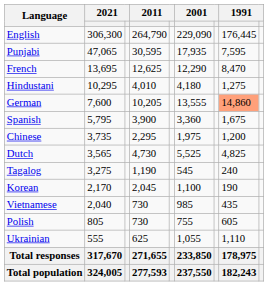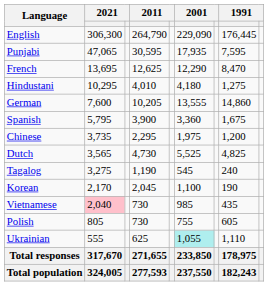 <table class="wikitable collapsible sortable">
 <tr>
 <th rowspan="2">Language</th>
 <th colspan="2">2021</th>
 <th colspan="2">2011</th>
 <th colspan="2">2001</th>
 <th colspan="2">1991</th>
 </tr>
 <tr>
 <th><a href='#'></a></th>
 <th></th>
 <th></th>
 <th></th>
 <th></th>
 <th></th>
 <th></th>
 <th></th>
 </tr>
 <tr>
 <td><a href='#'>English</a></td>
 <td>306,300</td>
 <td></td>
 <td>264,790</td>
 <td></td>
 <td>229,090</td>
 <td></td>
 <td>176,445</td>
 <td></td>
 </tr>
 <tr>
 <td><a href='#'>Punjabi</a></td>
 <td>47,065</td>
 <td></td>
 <td>30,595</td>
 <td></td>
 <td>17,935</td>
 <td></td>
 <td>7,595</td>
 <td></td>
 </tr>
 <tr>
 <td><a href='#'>French</a></td>
 <td>13,695</td>
 <td></td>
 <td>12,625</td>
 <td></td>
 <td>12,290</td>
 <td></td>
 <td>8,470</td>
 <td></td>
 </tr>
 <tr>
 <td><a href='#'>Hindustani</a></td>
 <td>10,295</td>
 <td></td>
 <td>4,010</td>
 <td></td>
 <td>4,180</td>
 <td></td>
 <td>1,275</td>
 <td></td>
 </tr>
 <tr>
 <td><a href='#'>German</a></td>
 <td>7,600</td>
 <td></td>
 <td>10,205</td>
 <td></td>
 <td>13,555</td>
 <td></td>
-<td style="background: lightsalmon;">14,860</td>
+<td>14,860</td>
 <td></td>
 </tr>
 <tr>
 <td><a href='#'>Spanish</a></td>
 <td>5,795</td>
 <td></td>
 <td>3,900</td>
 <td></td>
 <td>3,360</td>
 <td></td>
 <td>1,675</td>
 <td></td>
 </tr>
 <tr>
 <td><a href='#'>Chinese</a></td>
 <td>3,735</td>
 <td></td>
 <td>2,295</td>
 <td></td>
 <td>1,975</td>
 <td></td>
 <td>1,200</td>
 <td></td>
 </tr>
 <tr>
 <td><a href='#'>Dutch</a></td>
 <td>3,565</td>
 <td></td>
 <td>4,730</td>
 <td></td>
 <td>5,525</td>
 <td></td>
 <td>4,825</td>
 <td></td>
 </tr>
 <tr>
 <td><a href='#'>Tagalog</a></td>
 <td>3,275</td>
 <td></td>
 <td>1,190</td>
 <td></td>
 <td>545</td>
 <td></td>
 <td>240</td>
 <td></td>
 </tr>
 <tr>
 <td><a href='#'>Korean</a></td>
 <td>2,170</td>
 <td></td>
 <td>2,045</td>
 <td></td>
 <td>1,100</td>
 <td></td>
 <td>190</td>
 <td></td>
 </tr>
 <tr>
 <td><a href='#'>Vietnamese</a></td>
-<td>2,040</td>
+<td style="background: pink;">2,040</td>
 <td></td>
 <td>730</td>
 <td></td>
 <td>985</td>
 <td></td>
 <td>435</td>
 <td></td>
 </tr>
 <tr>
 <td><a href='#'>Polish</a></td>
 <td>805</td>
 <td></td>
 <td>730</td>
 <td></td>
 <td>755</td>
 <td></td>
 <td>605</td>
 <td></td>
 </tr>
 <tr>
 <td><a href='#'>Ukrainian</a></td>
 <td>555</td>
 <td></td>
 <td>625</td>
 <td></td>
-<td>1,055</td>
+<td style="background: paleturquoise;">1,055</td>
 <td></td>
 <td>1,110</td>
 <td></td>
 </tr>
 <tr>
 <th>Total responses</th>
 <th>317,670</th>
 <th></th>
 <th>271,655</th>
 <th></th>
 <th>233,850</th>
 <th></th>
 <th>178,975</th>
 <th></th>
 </tr>
 <tr>
 <th>Total population</th>
 <th>324,005</th>
 <th></th>
 <th>277,593</th>
 <th></th>
 <th>237,550</th>
 <th></th>
 <th>182,243</th>
 <th></th>
 </tr>
 </table>
